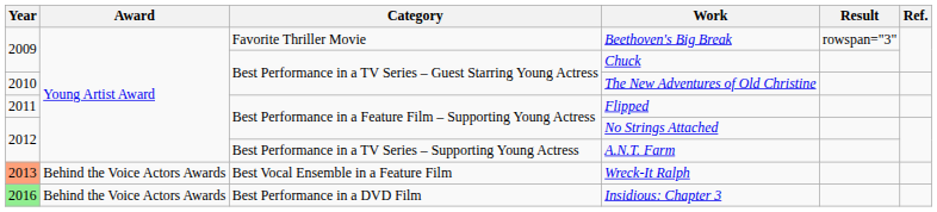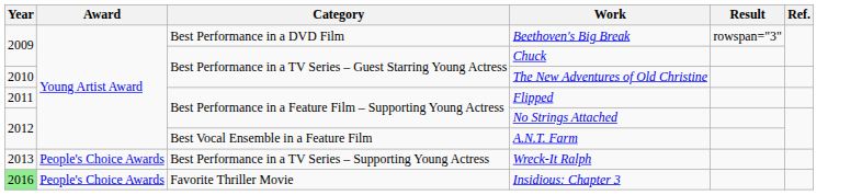 <table class="wikitable">
 <tr>
 <th>Year</th>
 <th>Award</th>
 <th>Category</th>
 <th>Work</th>
 <th>Result</th>
 <th>Ref.</th>
 </tr>
 <tr>
 <td rowspan="2">2009</td>
 <td rowspan=6><a href='#'>Young Artist Award</a></td>
-<td>Favorite Thriller Movie</td>
+<td>Best Performance in a DVD Film</td>
 <td><em><a href='#'>Beethoven's Big Break</a></em></td>
 <td>rowspan="3" </td>
 <td rowspan="2"></td>
 </tr>
 <tr>
 <td rowspan="2">Best Performance in a TV Series – Guest Starring Young Actress</td>
 <td><em><a href='#'>Chuck</a></em></td>
 </tr>
 <tr>
 <td>2010</td>
 <td><em><a href='#'>The New Adventures of Old Christine</a></em></td>
 <td></td>
 </tr>
 <tr>
 <td>2011</td>
 <td rowspan="2">Best Performance in a Feature Film – Supporting Young Actress</td>
 <td><em><a href='#'>Flipped</a></em></td>
 <td></td>
 <td></td>
 </tr>
 <tr>
 <td rowspan="2">2012</td>
 <td><em><a href='#'>No Strings Attached</a></em></td>
 <td></td>
 <td rowspan="2"></td>
 </tr>
 <tr>
-<td>Best Performance in a TV Series – Supporting Young Actress</td>
+<td>Best Vocal Ensemble in a Feature Film</td>
 <td><em><a href='#'>A.N.T. Farm</a></em></td>
 <td></td>
 </tr>
 <tr>
-<td style="background: lightsalmon;">2013</td>
-<td>Behind the Voice Actors Awards</td>
-<td>Best Vocal Ensemble in a Feature Film</td>
+<td>2013</td>
+<td><a href='#'>People's Choice Awards</a></td>
+<td>Best Performance in a TV Series – Supporting Young Actress</td>
 <td><em><a href='#'>Wreck-It Ralph</a></em></td>
 <td></td>
 <td></td>
 </tr>
 <tr>
 <td style="background: lightgreen;">2016</td>
-<td>Behind the Voice Actors Awards</td>
-<td>Best Performance in a DVD Film</td>
+<td><a href='#'>People's Choice Awards</a></td>
+<td>Favorite Thriller Movie</td>
 <td><em><a href='#'>Insidious: Chapter 3</a></em></td>
 <td></td>
 <td></td>
 </tr>
 </table>
